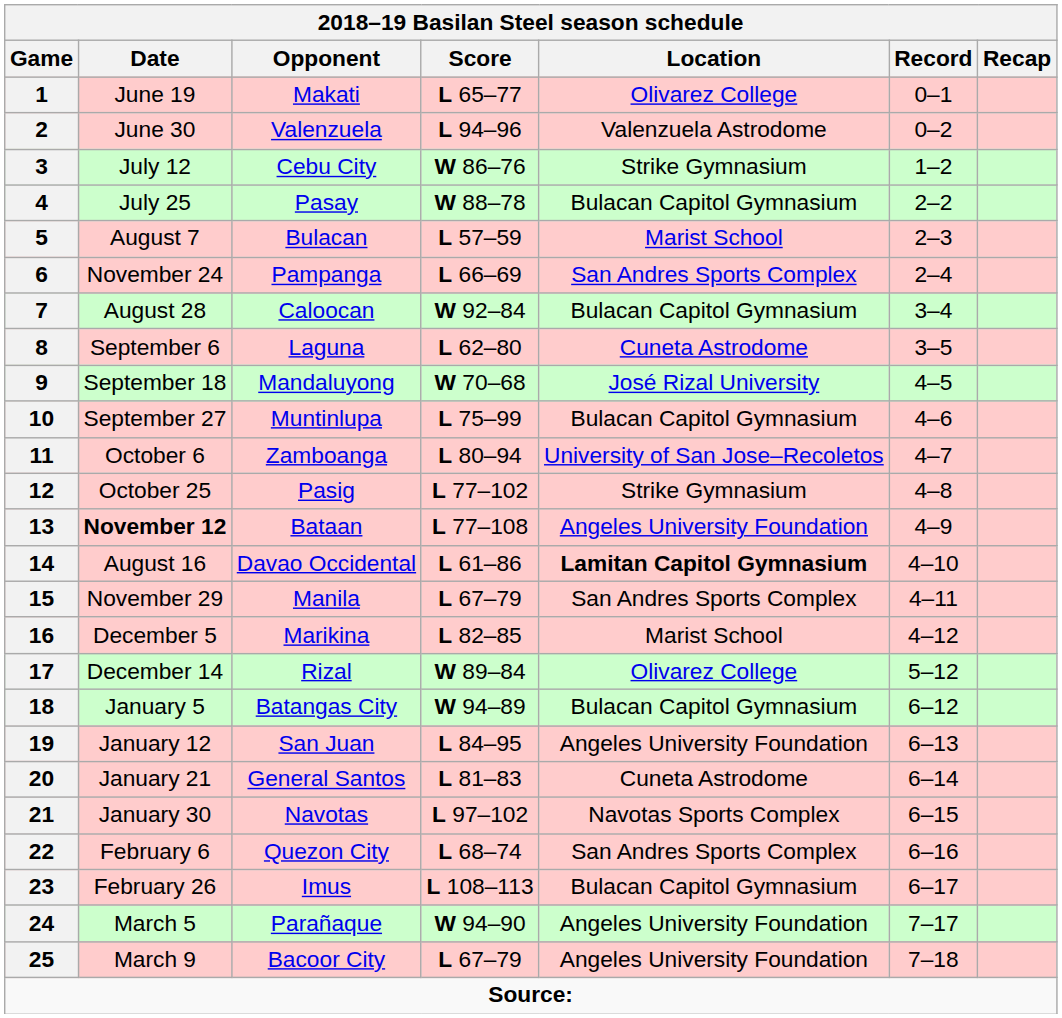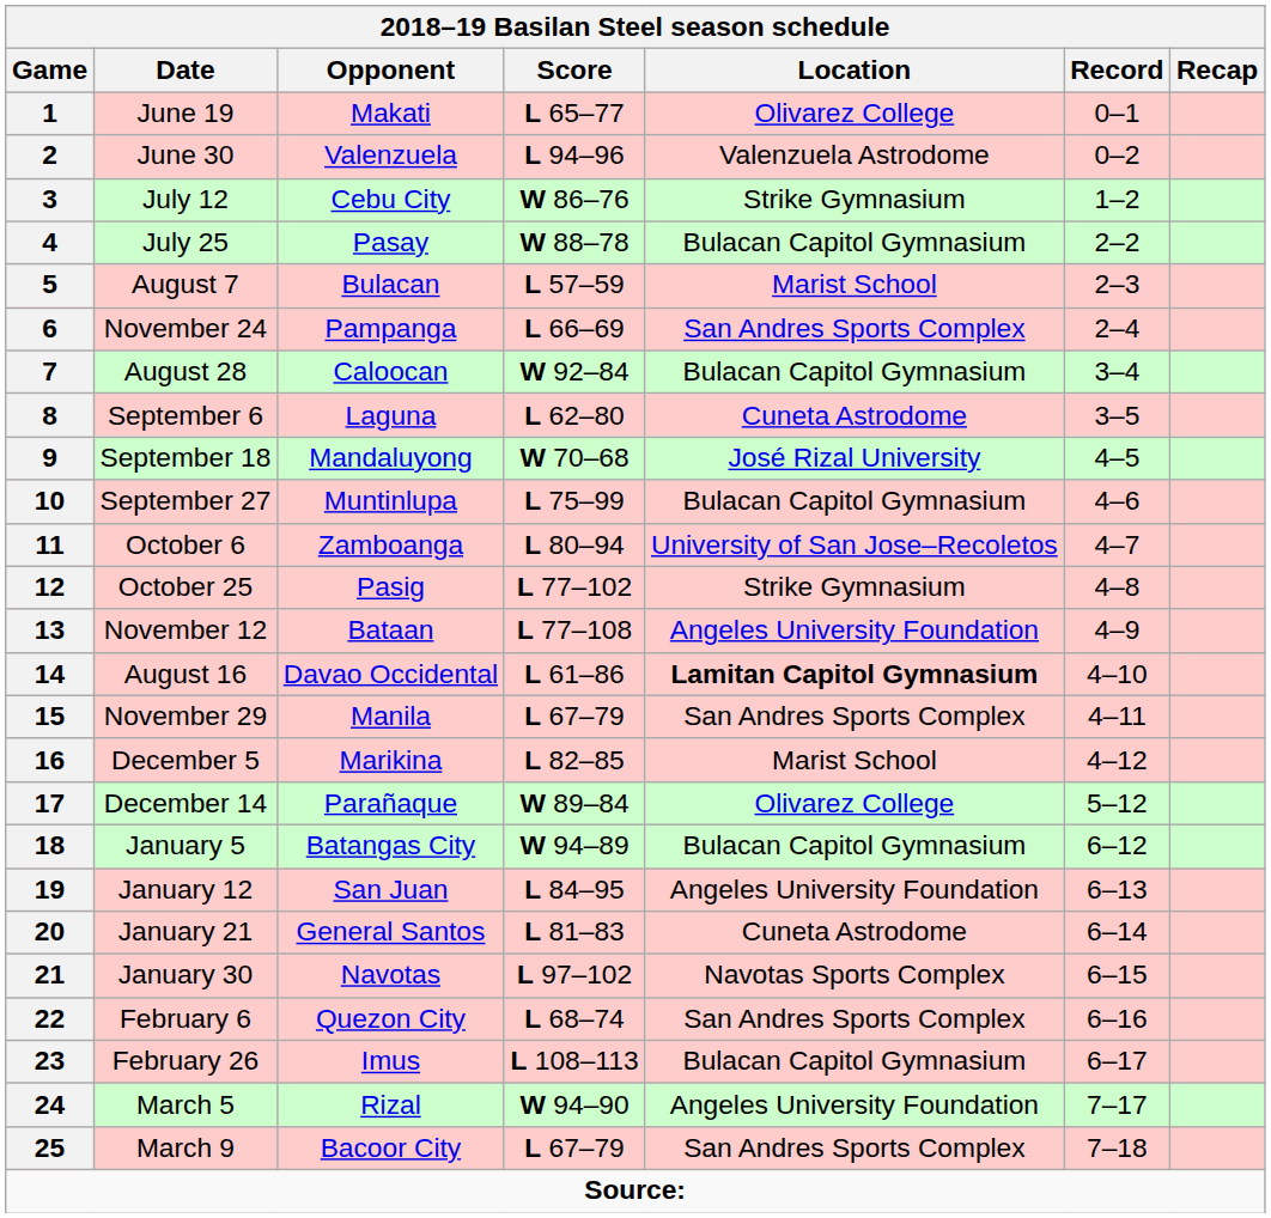 <table class="wikitable" style="text-align:center">
 <tr>
 <th colspan=7>2018–19 Basilan Steel season schedule</th>
 </tr>
 <tr>
 <th>Game</th>
 <th>Date</th>
 <th>Opponent</th>
 <th>Score</th>
 <th>Location</th>
 <th>Record</th>
 <th>Recap<br></th>
 </tr>
 <tr style="background:#fcc">
 <th>1</th>
 <td>June 19</td>
 <td><a href='#'>Makati</a></td>
 <td><strong>L</strong> 65–77</td>
 <td><a href='#'>Olivarez College</a></td>
 <td>0–1</td>
 <td></td>
 </tr>
 <tr style="background:#fcc">
 <th>2</th>
 <td>June 30</td>
 <td><a href='#'>Valenzuela</a></td>
 <td><strong>L</strong> 94–96</td>
 <td>Valenzuela Astrodome</td>
 <td>0–2</td>
 <td></td>
 </tr>
 <tr style="background:#cfc">
 <th>3</th>
 <td>July 12</td>
 <td><a href='#'>Cebu City</a></td>
 <td><strong>W</strong> 86–76</td>
 <td>Strike Gymnasium</td>
 <td>1–2</td>
 <td></td>
 </tr>
 <tr style="background:#cfc">
 <th>4</th>
 <td>July 25</td>
 <td><a href='#'>Pasay</a></td>
 <td><strong>W</strong> 88–78</td>
 <td>Bulacan Capitol Gymnasium</td>
 <td>2–2</td>
 <td></td>
 </tr>
 <tr style="background:#fcc">
 <th>5</th>
 <td>August 7</td>
 <td><a href='#'>Bulacan</a></td>
 <td><strong>L</strong> 57–59</td>
 <td><a href='#'>Marist School</a></td>
 <td>2–3</td>
 <td></td>
 </tr>
 <tr style="background:#fcc">
 <th>6</th>
 <td>November 24</td>
 <td><a href='#'>Pampanga</a></td>
 <td><strong>L</strong> 66–69</td>
 <td><a href='#'>San Andres Sports Complex</a></td>
 <td>2–4</td>
 <td></td>
 </tr>
 <tr style="background:#cfc">
 <th>7</th>
 <td>August 28</td>
 <td><a href='#'>Caloocan</a></td>
 <td><strong>W</strong> 92–84</td>
 <td>Bulacan Capitol Gymnasium</td>
 <td>3–4</td>
 <td></td>
 </tr>
 <tr style="background:#fcc">
 <th>8</th>
 <td>September 6</td>
 <td><a href='#'>Laguna</a></td>
 <td><strong>L</strong> 62–80</td>
 <td><a href='#'>Cuneta Astrodome</a></td>
 <td>3–5</td>
 <td></td>
 </tr>
 <tr style="background:#cfc">
 <th>9</th>
 <td>September 18</td>
 <td><a href='#'>Mandaluyong</a></td>
 <td><strong>W</strong> 70–68</td>
 <td><a href='#'>José Rizal University</a></td>
 <td>4–5</td>
 <td></td>
 </tr>
 <tr style="background:#fcc">
 <th>10</th>
 <td>September 27</td>
 <td><a href='#'>Muntinlupa</a></td>
 <td><strong>L</strong> 75–99</td>
 <td>Bulacan Capitol Gymnasium</td>
 <td>4–6</td>
 <td><br></td>
 </tr>
 <tr style="background:#fcc">
 <th>11</th>
 <td>October 6</td>
 <td><a href='#'>Zamboanga</a></td>
 <td><strong>L</strong> 80–94</td>
 <td><a href='#'>University of San Jose–Recoletos</a></td>
 <td>4–7</td>
 <td></td>
 </tr>
 <tr style="background:#fcc">
 <th>12</th>
 <td>October 25</td>
 <td><a href='#'>Pasig</a></td>
 <td><strong>L</strong> 77–102</td>
 <td>Strike Gymnasium</td>
 <td>4–8</td>
 <td></td>
 </tr>
 <tr style="background:#fcc">
 <th>13</th>
-<td><strong>November 12</strong></td>
+<td>November 12</td>
 <td><a href='#'>Bataan</a></td>
 <td><strong>L</strong> 77–108</td>
 <td><a href='#'>Angeles University Foundation</a></td>
 <td>4–9</td>
 <td></td>
 </tr>
 <tr style="background:#fcc">
 <th>14</th>
 <td>August 16</td>
 <td><a href='#'>Davao Occidental</a></td>
 <td><strong>L</strong> 61–86</td>
 <td><strong>Lamitan Capitol Gymnasium</strong></td>
 <td>4–10</td>
 <td></td>
 </tr>
 <tr style="background:#fcc">
 <th>15</th>
 <td>November 29</td>
 <td><a href='#'>Manila</a></td>
 <td><strong>L</strong> 67–79</td>
 <td>San Andres Sports Complex</td>
 <td>4–11</td>
 <td></td>
 </tr>
 <tr style="background:#fcc">
 <th>16</th>
 <td>December 5</td>
 <td><a href='#'>Marikina</a></td>
 <td><strong>L</strong> 82–85</td>
 <td>Marist School</td>
 <td>4–12</td>
 <td></td>
 </tr>
 <tr style="background:#cfc">
 <th>17</th>
 <td>December 14</td>
-<td><a href='#'>Rizal</a></td>
+<td><a href='#'>Parañaque</a></td>
 <td><strong>W</strong> 89–84</td>
 <td><a href='#'>Olivarez College</a></td>
 <td>5–12</td>
 <td><br></td>
 </tr>
 <tr style="background:#cfc">
 <th>18</th>
 <td>January 5</td>
 <td><a href='#'>Batangas City</a></td>
 <td><strong>W</strong> 94–89</td>
 <td>Bulacan Capitol Gymnasium</td>
 <td>6–12</td>
 <td></td>
 </tr>
 <tr style="background:#fcc">
 <th>19</th>
 <td>January 12</td>
 <td><a href='#'>San Juan</a></td>
 <td><strong>L</strong> 84–95</td>
 <td>Angeles University Foundation</td>
 <td>6–13</td>
 <td></td>
 </tr>
 <tr style="background:#fcc">
 <th>20</th>
 <td>January 21</td>
 <td><a href='#'>General Santos</a></td>
 <td><strong>L</strong> 81–83</td>
 <td>Cuneta Astrodome</td>
 <td>6–14</td>
 <td></td>
 </tr>
 <tr style="background:#fcc">
 <th>21</th>
 <td>January 30</td>
 <td><a href='#'>Navotas</a></td>
 <td><strong>L</strong> 97–102</td>
 <td>Navotas Sports Complex</td>
 <td>6–15</td>
 <td></td>
 </tr>
 <tr style="background:#fcc">
 <th>22</th>
 <td>February 6</td>
 <td><a href='#'>Quezon City</a></td>
 <td><strong>L</strong> 68–74</td>
 <td>San Andres Sports Complex</td>
 <td>6–16</td>
 <td></td>
 </tr>
 <tr style="background:#fcc">
 <th>23</th>
 <td>February 26</td>
 <td><a href='#'>Imus</a></td>
 <td><strong>L</strong> 108–113</td>
 <td>Bulacan Capitol Gymnasium</td>
 <td>6–17</td>
 <td></td>
 </tr>
 <tr style="background:#cfc">
 <th>24</th>
 <td>March 5</td>
-<td><a href='#'>Parañaque</a></td>
+<td><a href='#'>Rizal</a></td>
 <td><strong>W</strong> 94–90</td>
 <td>Angeles University Foundation</td>
 <td>7–17</td>
 <td></td>
 </tr>
 <tr style="background:#fcc">
 <th>25</th>
 <td>March 9</td>
 <td><a href='#'>Bacoor City</a></td>
 <td><strong>L</strong> 67–79</td>
-<td>Angeles University Foundation</td>
+<td>San Andres Sports Complex</td>
 <td>7–18</td>
 <td></td>
 </tr>
 <tr>
 <td colspan=7 align=center><strong>Source: </strong></td>
 </tr>
 </table>
